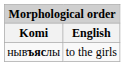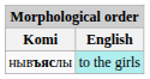 <table class="wikitable">
 <tr>
 <th colspan="2" style="background:#cfcfcf;">Morphological order</th>
 </tr>
 <tr style="background:#dfdfdf;" |>
 <th>Komi</th>
 <th>English</th>
 </tr>
 <tr>
 <td>ныв<strong>ъяс</strong>лы</td>
-<td>to the girls</td>
+<td style="background: paleturquoise;">to the girls</td>
 </tr>
 </table>
